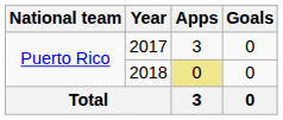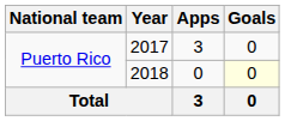 <table class="wikitable" style="text-align:center">
 <tr>
 <th>National team</th>
 <th>Year</th>
 <th>Apps</th>
 <th>Goals</th>
 </tr>
 <tr>
 <td rowspan="2"><a href='#'>Puerto Rico</a></td>
 <td>2017</td>
 <td>3</td>
 <td>0</td>
 </tr>
 <tr>
 <td>2018</td>
-<td style="background: khaki;">0</td>
 <td>0</td>
+<td style="background: lightyellow;">0</td>
 </tr>
 <tr>
 <th colspan=2>Total</th>
 <th>3</th>
 <th>0</th>
 </tr>
 </table>
